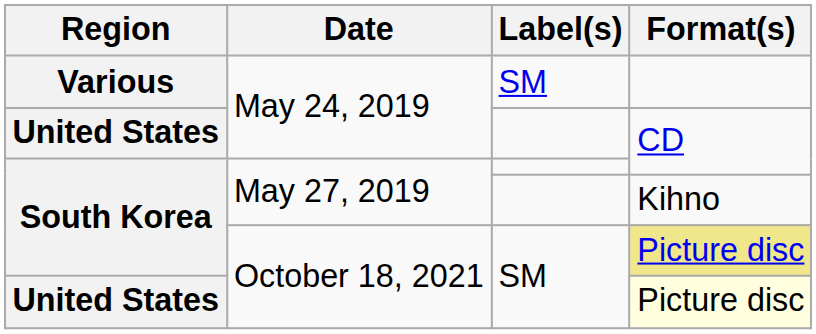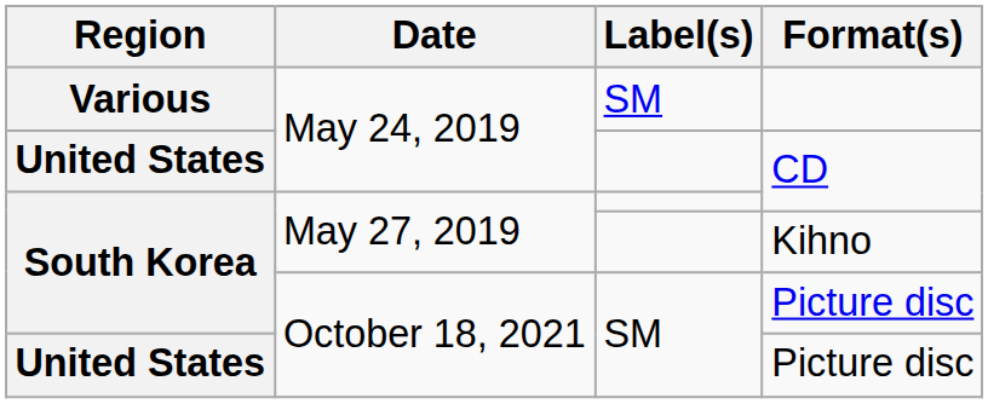 <table class="wikitable plainrowheaders">
 <tr>
 <th scope="col">Region</th>
 <th scope="col">Date</th>
 <th scope="col">Label(s)</th>
 <th scope="col">Format(s)</th>
 </tr>
 <tr>
 <th scope="row">Various</th>
 <td rowspan="2">May 24, 2019</td>
 <td><a href='#'>SM</a></td>
 <td></td>
 </tr>
 <tr>
 <th scope="row">United States</th>
 <td></td>
 <td rowspan="2"><a href='#'>CD</a></td>
 </tr>
 <tr>
 <th scope="row" rowspan="3">South Korea</th>
 <td rowspan="2">May 27, 2019</td>
 <td></td>
 </tr>
 <tr>
 <td></td>
 <td>Kihno</td>
 </tr>
 <tr>
 <td rowspan="2">October 18, 2021</td>
 <td rowspan="2">SM</td>
-<td style="background: khaki;"><a href='#'>Picture disc</a></td>
+<td><a href='#'>Picture disc</a></td>
 </tr>
 <tr>
 <th scope="row">United States</th>
-<td style="background: lightyellow;">Picture disc</td>
+<td>Picture disc</td>
 </tr>
 </table>
